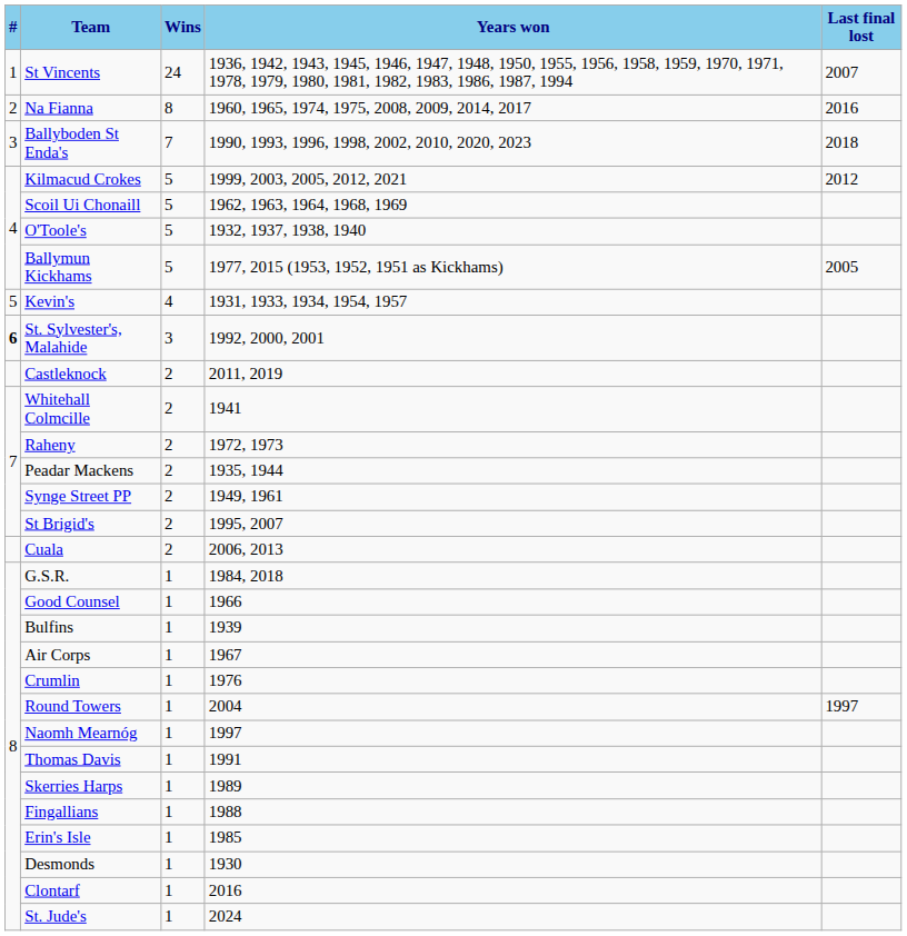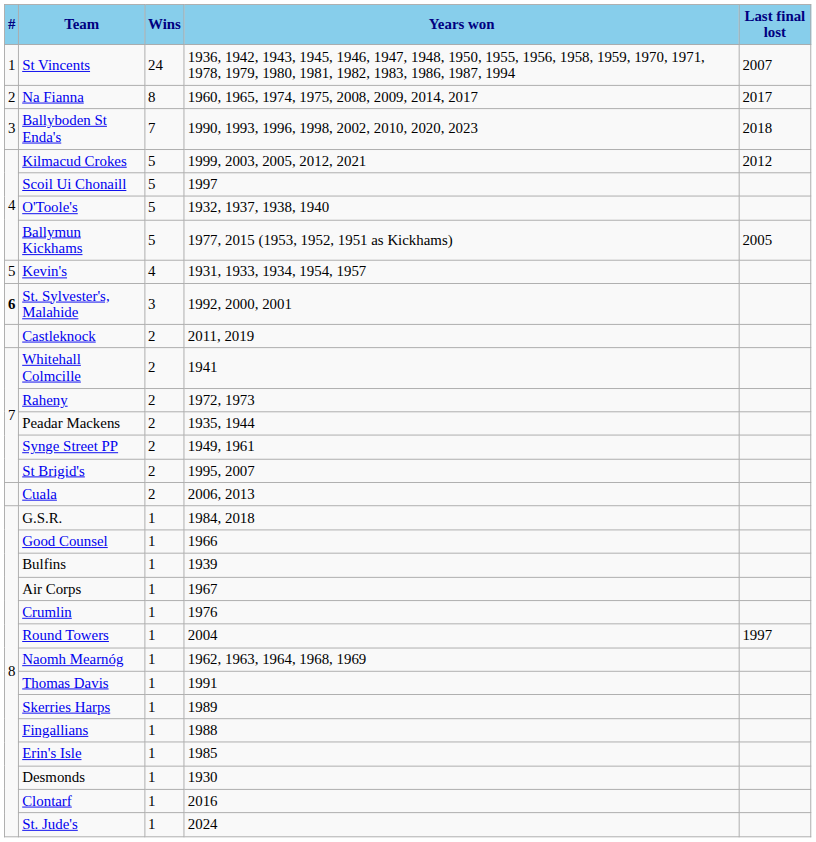 <table class="wikitable">
 <tr>
 <th style="background:skyblue;color:navy;">#</th>
 <th style="background:skyblue;color:navy;">Team</th>
 <th style="background:skyblue;color:navy;">Wins</th>
 <th style="background:skyblue;color:navy;">Years won</th>
 <th style="background:skyblue;color:navy;">Last final lost</th>
 </tr>
 <tr>
 <td>1</td>
 <td><a href='#'>St Vincents</a></td>
 <td>24</td>
 <td>1936, 1942, 1943, 1945, 1946, 1947, 1948, 1950, 1955, 1956, 1958, 1959, 1970, 1971, 1978, 1979, 1980, 1981, 1982, 1983, 1986, 1987, 1994</td>
 <td>2007</td>
 </tr>
 <tr>
 <td>2</td>
 <td><a href='#'>Na Fianna</a></td>
 <td>8</td>
 <td>1960, 1965, 1974, 1975, 2008, 2009, 2014, 2017</td>
-<td>2016</td>
+<td>2017</td>
 </tr>
 <tr>
 <td>3</td>
 <td><a href='#'>Ballyboden St Enda's</a></td>
 <td>7</td>
 <td>1990, 1993, 1996, 1998, 2002, 2010, 2020, 2023</td>
 <td>2018</td>
 </tr>
 <tr>
 <td rowspan=4>4</td>
 <td><a href='#'>Kilmacud Crokes</a></td>
 <td>5</td>
 <td>1999, 2003, 2005, 2012, 2021</td>
 <td>2012</td>
 </tr>
 <tr>
 <td><a href='#'>Scoil Ui Chonaill</a></td>
 <td>5</td>
-<td>1962, 1963, 1964, 1968, 1969</td>
+<td>1997</td>
 <td></td>
 </tr>
 <tr>
 <td><a href='#'>O'Toole's</a></td>
 <td>5</td>
 <td>1932, 1937, 1938, 1940</td>
 <td></td>
 </tr>
 <tr>
 <td><a href='#'>Ballymun Kickhams</a></td>
 <td>5</td>
 <td>1977, 2015 (1953, 1952, 1951 as Kickhams)</td>
 <td>2005</td>
 </tr>
 <tr>
 <td>5</td>
 <td><a href='#'>Kevin's</a></td>
 <td>4</td>
 <td>1931, 1933, 1934, 1954, 1957</td>
 <td></td>
 </tr>
 <tr>
 <td><strong>6</strong></td>
 <td><a href='#'>St. Sylvester's, Malahide</a></td>
 <td>3</td>
 <td>1992, 2000, 2001</td>
 <td></td>
 </tr>
 <tr>
 <td></td>
 <td><a href='#'>Castleknock</a></td>
 <td>2</td>
 <td>2011, 2019</td>
 <td></td>
 </tr>
 <tr>
 <td rowspan=5>7</td>
 <td><a href='#'>Whitehall Colmcille</a></td>
 <td>2</td>
 <td>1941</td>
 <td></td>
 </tr>
 <tr>
 <td><a href='#'>Raheny</a></td>
 <td>2</td>
 <td>1972, 1973</td>
 <td></td>
 </tr>
 <tr>
 <td>Peadar Mackens</td>
 <td>2</td>
 <td>1935, 1944</td>
 <td></td>
 </tr>
 <tr>
 <td><a href='#'>Synge Street PP</a></td>
 <td>2</td>
 <td>1949, 1961</td>
 <td></td>
 </tr>
 <tr>
 <td><a href='#'>St Brigid's</a></td>
 <td>2</td>
 <td>1995, 2007</td>
 <td></td>
 </tr>
 <tr>
 <td></td>
 <td><a href='#'>Cuala</a></td>
 <td>2</td>
 <td>2006, 2013</td>
 <td></td>
 </tr>
 <tr>
 <td rowspan="14">8</td>
 <td>G.S.R.</td>
 <td>1</td>
 <td>1984, 2018</td>
 <td></td>
 </tr>
 <tr>
 <td><a href='#'>Good Counsel</a></td>
 <td>1</td>
 <td>1966</td>
 <td></td>
 </tr>
 <tr>
 <td>Bulfins</td>
 <td>1</td>
 <td>1939</td>
 <td></td>
 </tr>
 <tr>
 <td>Air Corps</td>
 <td>1</td>
 <td>1967</td>
 <td></td>
 </tr>
 <tr>
 <td><a href='#'>Crumlin</a></td>
 <td>1</td>
 <td>1976</td>
 <td></td>
 </tr>
 <tr>
 <td><a href='#'>Round Towers</a></td>
 <td>1</td>
 <td>2004</td>
 <td>1997</td>
 </tr>
 <tr>
 <td><a href='#'>Naomh Mearnóg</a></td>
 <td>1</td>
-<td>1997</td>
+<td>1962, 1963, 1964, 1968, 1969</td>
 <td></td>
 </tr>
 <tr>
 <td><a href='#'>Thomas Davis</a></td>
 <td>1</td>
 <td>1991</td>
 <td></td>
 </tr>
 <tr>
 <td><a href='#'>Skerries Harps</a></td>
 <td>1</td>
 <td>1989</td>
 <td></td>
 </tr>
 <tr>
 <td><a href='#'>Fingallians</a></td>
 <td>1</td>
 <td>1988</td>
 <td></td>
 </tr>
 <tr>
 <td><a href='#'>Erin's Isle</a></td>
 <td>1</td>
 <td>1985</td>
 <td></td>
 </tr>
 <tr>
 <td>Desmonds</td>
 <td>1</td>
 <td>1930</td>
 <td></td>
 </tr>
 <tr>
 <td><a href='#'>Clontarf</a></td>
 <td>1</td>
 <td>2016</td>
 <td></td>
 </tr>
 <tr>
 <td><a href='#'>St. Jude's</a></td>
 <td>1</td>
 <td>2024</td>
 <td></td>
 </tr>
 </table>
